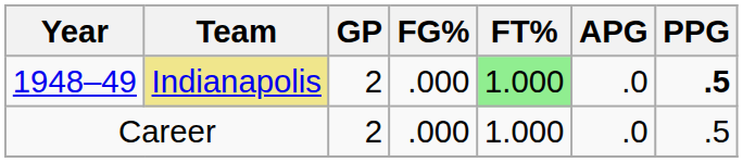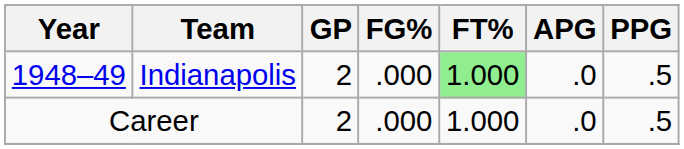 <table class="wikitable sortable" style="font-size:95%; text-align:right;">
 <tr>
 <th>Year</th>
 <th>Team</th>
 <th>GP</th>
 <th>FG%</th>
 <th>FT%</th>
 <th>APG</th>
 <th>PPG</th>
 </tr>
 <tr>
 <td style="text-align:left;"><a href='#'>1948–49</a></td>
-<td style="background: khaki; text-align:left;"><a href='#'>Indianapolis</a></td>
+<td style="text-align:left;"><a href='#'>Indianapolis</a></td>
 <td>2</td>
 <td>.000</td>
 <td style="background: lightgreen;">1.000</td>
 <td>.0</td>
-<td><strong>.5</strong></td>
+<td>.5</td>
 </tr>
 <tr>
 <td style="text-align:center;" colspan="2">Career</td>
 <td>2</td>
 <td>.000</td>
 <td>1.000</td>
 <td>.0</td>
 <td>.5</td>
 </tr>
 <tr>
 </tr>
 </table>
